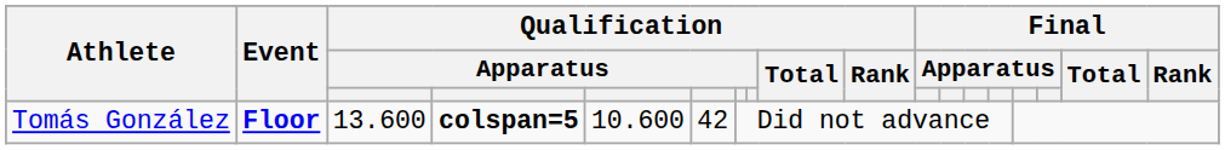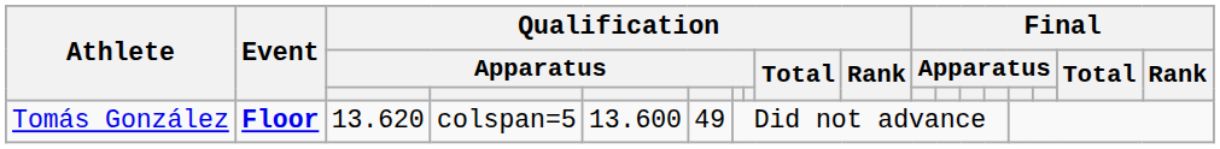 <table class=wikitable style=font-size:90%;text-align:center>
 <tr>
 <th rowspan=3>Athlete</th>
 <th rowspan=3>Event</th>
 <th colspan =8>Qualification</th>
 <th colspan =8>Final</th>
 </tr>
 <tr style=font-size:95%>
 <th colspan=6>Apparatus</th>
 <th rowspan=2>Total</th>
 <th rowspan=2>Rank</th>
 <th colspan=6>Apparatus</th>
 <th rowspan=2>Total</th>
 <th rowspan=2>Rank</th>
 </tr>
 <tr style=font-size:95%>
 <th></th>
 <th></th>
 <th></th>
 <th></th>
 <th></th>
 <th></th>
 <th></th>
 <th></th>
 <th></th>
 <th></th>
 <th></th>
 <th></th>
 </tr>
 <tr>
 <td align=left><a href='#'>Tomás González</a></td>
 <td align=left><strong><a href='#'>Floor</a></strong></td>
+<td>13.620</td>
+<td>colspan=5 </td>
 <td>13.600</td>
-<td><strong>colspan=5 </strong></td>
-<td>10.600</td>
-<td>42</td>
+<td>49</td>
 <td colspan=8>Did not advance</td>
 </tr>
 </table>
